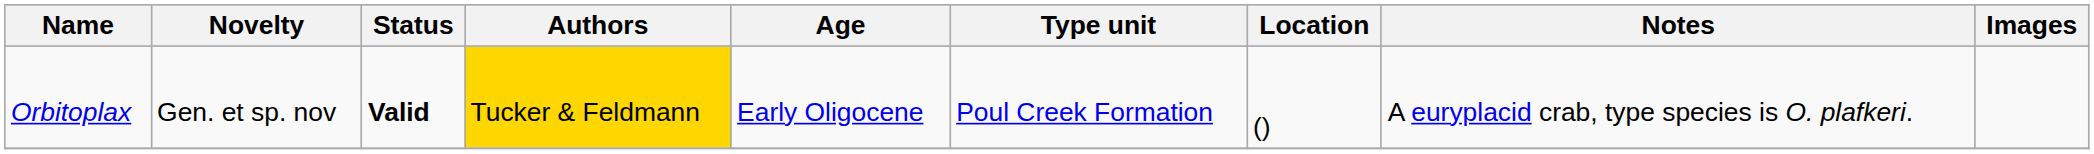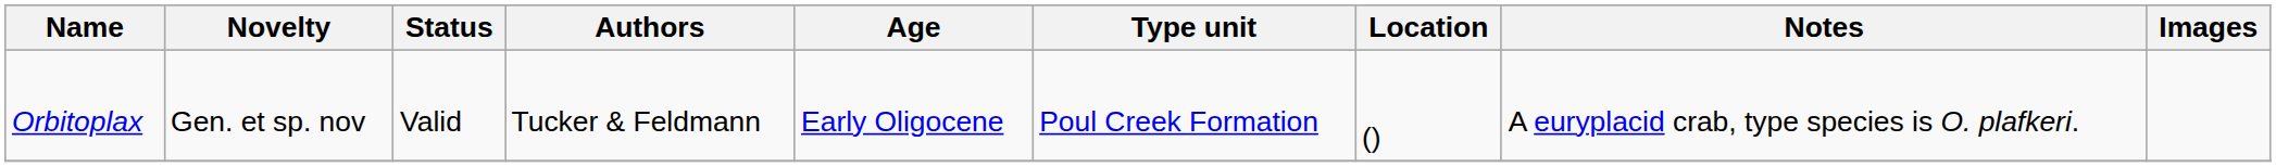 <table class="wikitable sortable" width="100%">
 <tr>
 <th>Name</th>
 <th>Novelty</th>
 <th>Status</th>
 <th>Authors</th>
 <th>Age</th>
 <th>Type unit</th>
 <th>Location</th>
 <th>Notes</th>
 <th>Images</th>
 </tr>
 <tr>
 <td><br><em><a href='#'>Orbitoplax</a></em></td>
 <td><br>Gen. et sp. nov</td>
-<td><strong><br>Valid</strong></td>
-<td style="background: gold;"><br>Tucker & Feldmann</td>
+<td><br>Valid</td>
+<td><br>Tucker & Feldmann</td>
 <td><br><a href='#'>Early Oligocene</a></td>
 <td><br><a href='#'>Poul Creek Formation</a></td>
 <td><br><br>()</td>
 <td><br>A <a href='#'>euryplacid</a> crab, type species is <em>O. plafkeri</em>.</td>
 <td></td>
 </tr>
 <tr>
 </tr>
 </table>
